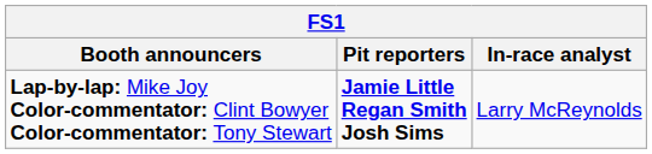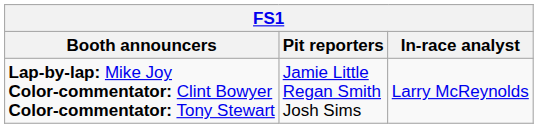 <table class="wikitable" style="font-size: 95%;">
 <tr>
 <th colspan="3"><a href='#'>FS1</a></th>
 </tr>
 <tr>
 <th>Booth announcers</th>
 <th>Pit reporters</th>
 <th>In-race analyst</th>
 </tr>
 <tr>
 <td><strong>Lap-by-lap:</strong> <a href='#'>Mike Joy</a><br><strong>Color-commentator:</strong> <a href='#'>Clint Bowyer</a><br><strong>Color-commentator:</strong> <a href='#'>Tony Stewart</a></td>
-<td><strong><a href='#'>Jamie Little</a><br><a href='#'>Regan Smith</a><br>Josh Sims</strong></td>
+<td><a href='#'>Jamie Little</a><br><a href='#'>Regan Smith</a><br>Josh Sims</td>
 <td><a href='#'>Larry McReynolds</a></td>
 </tr>
 </table>
